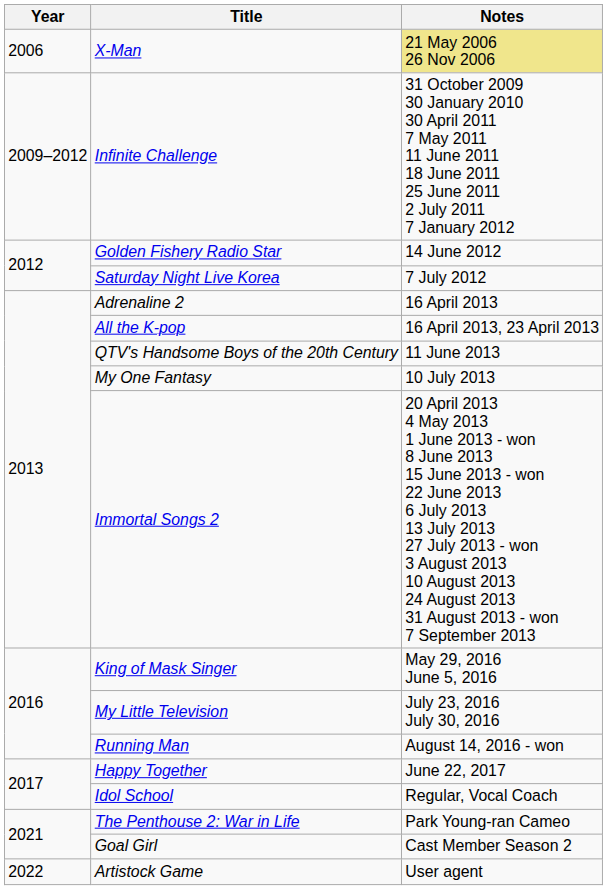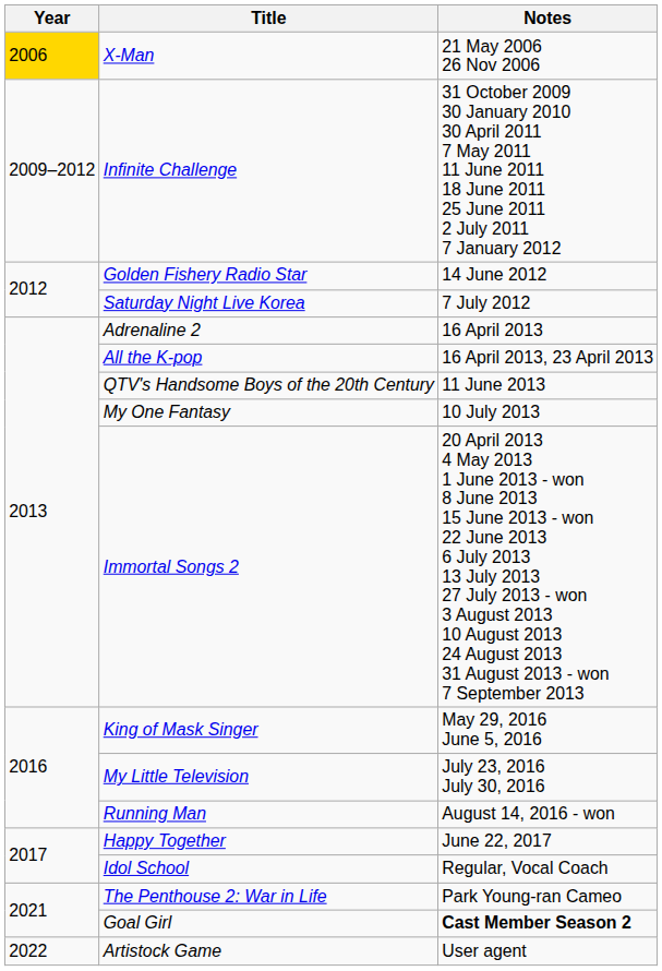 <table class="wikitable">
 <tr>
 <th>Year</th>
 <th>Title</th>
 <th>Notes</th>
 </tr>
 <tr>
-<td>2006</td>
+<td style="background: gold;">2006</td>
 <td><em><a href='#'>X-Man</a></em></td>
-<td style="background: khaki;">21 May 2006<br>26 Nov 2006</td>
+<td>21 May 2006<br>26 Nov 2006</td>
 </tr>
 <tr>
 <td>2009–2012</td>
 <td><em><a href='#'>Infinite Challenge</a></em></td>
 <td>31 October 2009<br>30 January 2010<br>30 April 2011<br>7 May 2011<br>11 June 2011<br>18 June 2011<br>25 June 2011<br>2 July 2011<br>7 January 2012<br></td>
 </tr>
 <tr>
 <td rowspan="2">2012</td>
 <td><em><a href='#'>Golden Fishery Radio Star</a></em></td>
 <td>14 June 2012</td>
 </tr>
 <tr>
 <td><em><a href='#'>Saturday Night Live Korea</a></em></td>
 <td>7 July 2012</td>
 </tr>
 <tr>
 <td rowspan="5">2013</td>
 <td><em>Adrenaline 2</em></td>
 <td>16 April 2013</td>
 </tr>
 <tr>
 <td><em><a href='#'>All the K-pop</a></em></td>
 <td>16 April 2013, 23 April 2013</td>
 </tr>
 <tr>
 <td><em>QTV's Handsome Boys of the 20th Century</em></td>
 <td>11 June 2013</td>
 </tr>
 <tr>
 <td><em>My One Fantasy</em></td>
 <td>10 July 2013</td>
 </tr>
 <tr>
 <td><em><a href='#'>Immortal Songs 2</a></em></td>
 <td>20 April 2013<br>4 May 2013<br>1 June 2013 - won<br>8 June 2013<br>15 June 2013 - won<br>22 June 2013<br>6 July 2013<br>13 July 2013<br>27 July 2013 - won<br>3 August 2013<br>10 August 2013<br>24 August 2013<br>31 August 2013 - won<br>7 September 2013</td>
 </tr>
 <tr>
 <td rowspan="3">2016</td>
 <td><em><a href='#'>King of Mask Singer</a></em></td>
 <td>May 29, 2016<br>June 5, 2016</td>
 </tr>
 <tr>
 <td><em><a href='#'>My Little Television</a></em></td>
 <td>July 23, 2016 <br> July 30, 2016</td>
 </tr>
 <tr>
 <td><em><a href='#'>Running Man</a></em></td>
 <td>August 14, 2016 - won</td>
 </tr>
 <tr>
 <td rowspan="2">2017</td>
 <td><em><a href='#'>Happy Together</a></em></td>
 <td>June 22, 2017</td>
 </tr>
 <tr>
 <td><em><a href='#'>Idol School</a></em></td>
 <td>Regular, Vocal Coach</td>
 </tr>
 <tr>
 <td rowspan=2>2021</td>
 <td><em><a href='#'>The Penthouse 2: War in Life</a></em></td>
 <td>Park Young-ran Cameo </td>
 </tr>
 <tr>
 <td><em>Goal Girl</em></td>
-<td>Cast Member Season 2</td>
+<td><strong>Cast Member Season 2</strong></td>
 </tr>
 <tr>
 <td>2022</td>
 <td><em>Artistock Game</em></td>
 <td>User agent</td>
 </tr>
 </table>
